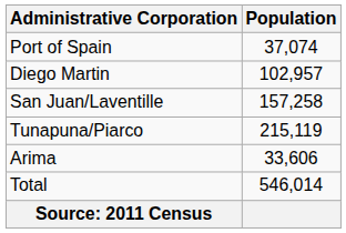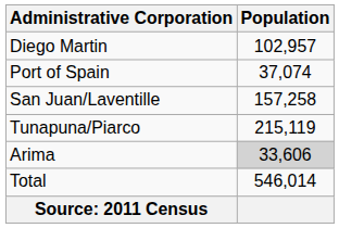 <table class="wikitable" style="float:lowerleft; margin-left:3px;text-size:90%; text-align:left">
 <tr>
 <th>Administrative Corporation</th>
 <th>Population</th>
 </tr>
 <tr>
+<td>Diego Martin</td>
+<td align=center>102,957</td>
+</tr>
+<tr>
 <td>Port of Spain</td>
 <td align=center>37,074</td>
-</tr>
-<tr>
-<td>Diego Martin</td>
-<td align=center>102,957</td>
 </tr>
 <tr>
 <td>San Juan/Laventille</td>
 <td align=center>157,258</td>
 </tr>
 <tr>
 <td>Tunapuna/Piarco</td>
 <td align=center>215,119</td>
 </tr>
 <tr>
 <td>Arima</td>
-<td align=center>33,606</td>
+<td align=center style="background: lightgrey;">33,606</td>
 </tr>
 <tr>
 <td>Total</td>
 <td align=center>546,014</td>
 </tr>
 <tr>
 <th>Source: 2011 Census</th>
 <th></th>
 </tr>
 </table>
